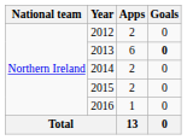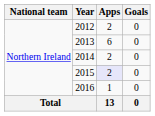 <table class="wikitable" style="text-align: center;">
 <tr>
 <th>National team</th>
 <th>Year</th>
 <th>Apps</th>
 <th>Goals</th>
 </tr>
 <tr>
 <td rowspan="5"><a href='#'>Northern Ireland</a></td>
 <td>2012</td>
 <td>2</td>
 <td>0</td>
 </tr>
 <tr>
 <td>2013</td>
 <td>6</td>
-<td><strong>0</strong></td>
+<td>0</td>
 </tr>
 <tr>
 <td>2014</td>
 <td>2</td>
 <td>0</td>
 </tr>
 <tr>
 <td>2015</td>
-<td>2</td>
+<td style="background: lavender;">2</td>
 <td>0</td>
 </tr>
 <tr>
 <td>2016</td>
 <td>1</td>
 <td>0</td>
 </tr>
 <tr>
 <th colspan=2>Total</th>
 <th>13</th>
 <th>0</th>
 </tr>
 </table>
